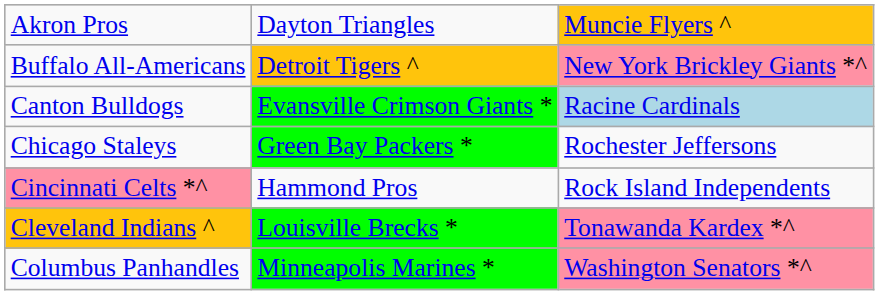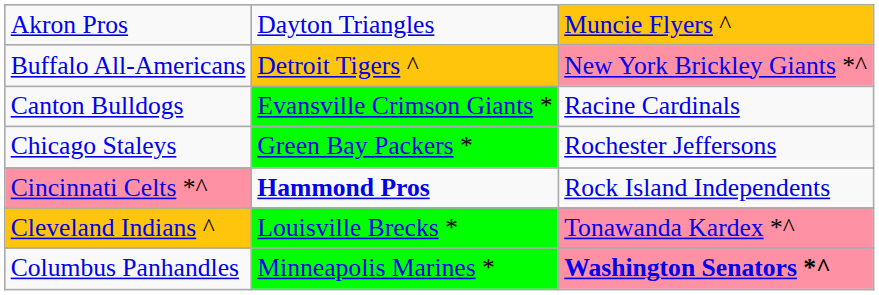 <table class="wikitable">
 <tr>
 <td><a href='#'>Akron Pros</a></td>
 <td><a href='#'>Dayton Triangles</a></td>
 <td style="background-color:#FFC40C"><a href='#'>Muncie Flyers</a> ^</td>
 </tr>
 <tr>
 <td><a href='#'>Buffalo All-Americans</a></td>
 <td style="background-color:#FFC40C"><a href='#'>Detroit Tigers</a> ^</td>
 <td style="background-color:#FF91A4"><a href='#'>New York Brickley Giants</a> *^</td>
 </tr>
 <tr>
 <td><a href='#'>Canton Bulldogs</a></td>
 <td style="background-color:#00FF00"><a href='#'>Evansville Crimson Giants</a> *</td>
-<td style="background: lightblue;"><a href='#'>Racine Cardinals</a></td>
+<td><a href='#'>Racine Cardinals</a></td>
 </tr>
 <tr>
 <td><a href='#'>Chicago Staleys</a></td>
 <td style="background-color:#00FF00"><a href='#'>Green Bay Packers</a> *</td>
 <td><a href='#'>Rochester Jeffersons</a></td>
 </tr>
 <tr>
 <td style="background-color:#FF91A4"><a href='#'>Cincinnati Celts</a> *^</td>
-<td><a href='#'>Hammond Pros</a></td>
+<td><strong><a href='#'>Hammond Pros</a></strong></td>
 <td><a href='#'>Rock Island Independents</a></td>
 </tr>
 <tr>
 <td style="background-color:#FFC40C"><a href='#'>Cleveland Indians</a> ^</td>
 <td style="background-color:#00FF00"><a href='#'>Louisville Brecks</a> *</td>
 <td style="background-color:#FF91A4"><a href='#'>Tonawanda Kardex</a> *^</td>
 </tr>
 <tr>
 <td><a href='#'>Columbus Panhandles</a></td>
 <td style="background-color:#00FF00"><a href='#'>Minneapolis Marines</a> *</td>
-<td style="background-color:#FF91A4"><a href='#'>Washington Senators</a> *^</td>
+<td style="background-color:#FF91A4"><strong><a href='#'>Washington Senators</a> *^</strong></td>
 </tr>
 </table>
